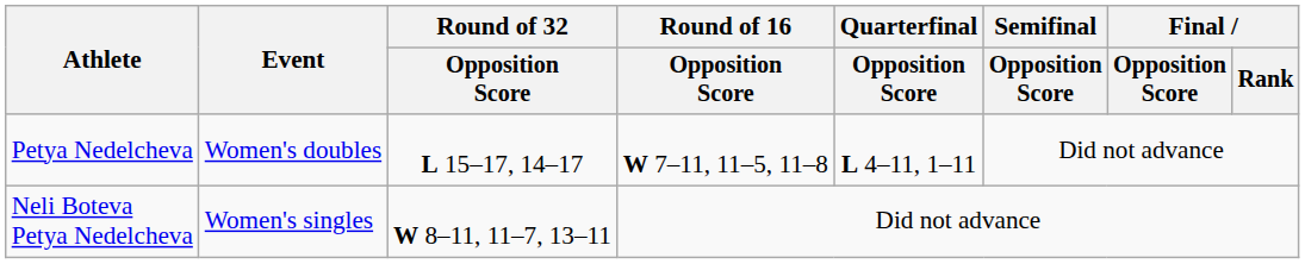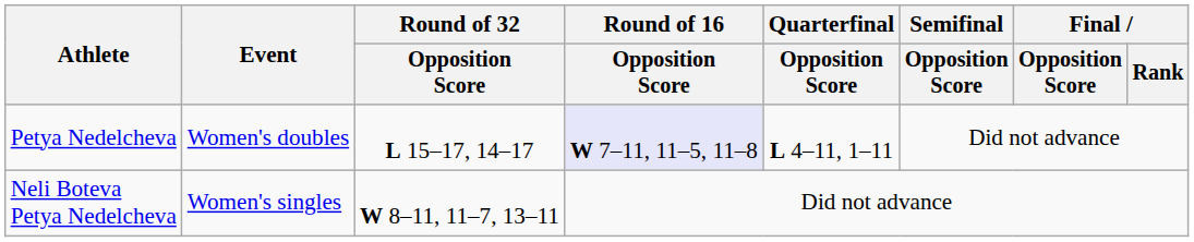 <table class=wikitable style="font-size:90%">
 <tr>
 <th rowspan="2">Athlete</th>
 <th rowspan="2">Event</th>
 <th>Round of 32</th>
 <th>Round of 16</th>
 <th>Quarterfinal</th>
 <th>Semifinal</th>
 <th colspan=2>Final / </th>
 </tr>
 <tr style="font-size:95%">
 <th>Opposition<br>Score</th>
 <th>Opposition<br>Score</th>
 <th>Opposition<br>Score</th>
 <th>Opposition<br>Score</th>
 <th>Opposition<br>Score</th>
 <th>Rank</th>
 </tr>
 <tr align=center>
 <td align=left><a href='#'>Petya Nedelcheva</a></td>
 <td align=left><a href='#'>Women's doubles</a></td>
 <td><br><strong>L</strong> 15–17, 14–17</td>
-<td><br><strong>W</strong> 7–11, 11–5, 11–8</td>
+<td style="background: lavender;"><br><strong>W</strong> 7–11, 11–5, 11–8</td>
 <td><br><strong>L</strong> 4–11, 1–11</td>
 <td colspan=3>Did not advance</td>
 </tr>
 <tr align=center>
 <td align=left><a href='#'>Neli Boteva</a><br><a href='#'>Petya Nedelcheva</a></td>
 <td align=left><a href='#'>Women's singles</a></td>
 <td><br><strong>W</strong> 8–11, 11–7, 13–11</td>
 <td colspan=5>Did not advance</td>
 </tr>
 </table>
